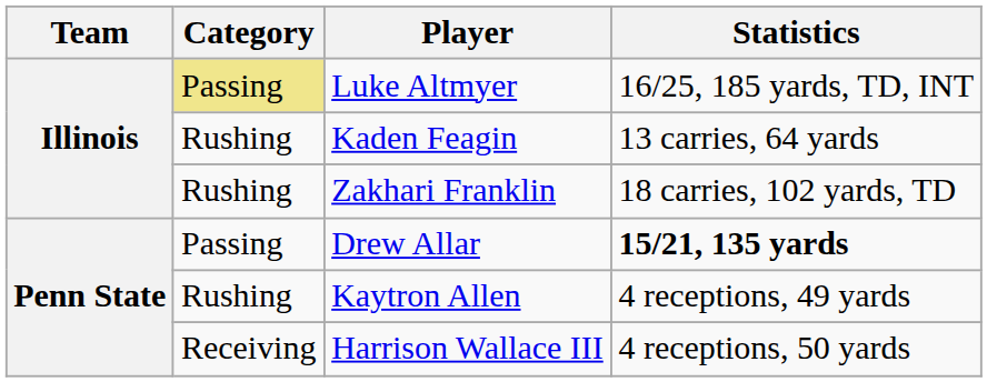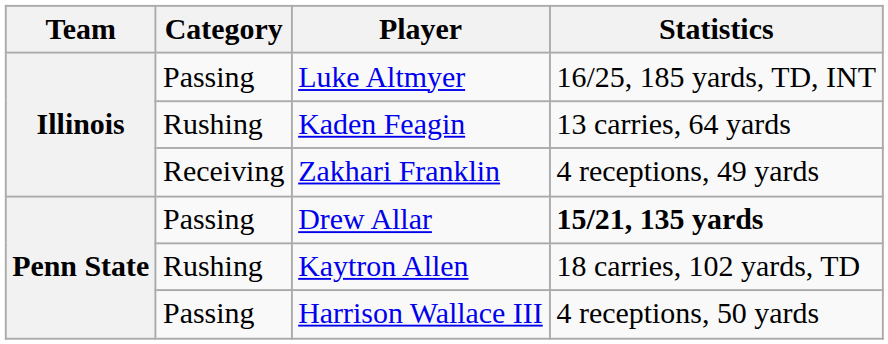 <table class="wikitable" style="float:right">
 <tr>
 <th>Team</th>
 <th>Category</th>
 <th>Player</th>
 <th>Statistics</th>
 </tr>
 <tr>
 <th rowspan=3>Illinois</th>
-<td style="background: khaki;">Passing</td>
+<td>Passing</td>
 <td><a href='#'>Luke Altmyer</a></td>
 <td>16/25, 185 yards, TD, INT</td>
 </tr>
 <tr>
 <td>Rushing</td>
 <td><a href='#'>Kaden Feagin</a></td>
 <td>13 carries, 64 yards</td>
 </tr>
 <tr>
-<td>Rushing</td>
+<td>Receiving</td>
 <td><a href='#'>Zakhari Franklin</a></td>
-<td>18 carries, 102 yards, TD</td>
+<td>4 receptions, 49 yards</td>
 </tr>
 <tr>
 <th rowspan=3>Penn State</th>
 <td>Passing</td>
 <td><a href='#'>Drew Allar</a></td>
 <td><strong>15/21, 135 yards</strong></td>
 </tr>
 <tr>
 <td>Rushing</td>
 <td><a href='#'>Kaytron Allen</a></td>
-<td>4 receptions, 49 yards</td>
+<td>18 carries, 102 yards, TD</td>
 </tr>
 <tr>
-<td>Receiving</td>
+<td>Passing</td>
 <td><a href='#'>Harrison Wallace III</a></td>
 <td>4 receptions, 50 yards</td>
 </tr>
 </table>
